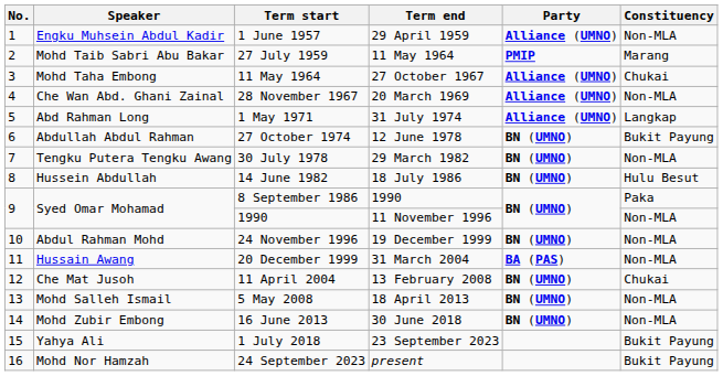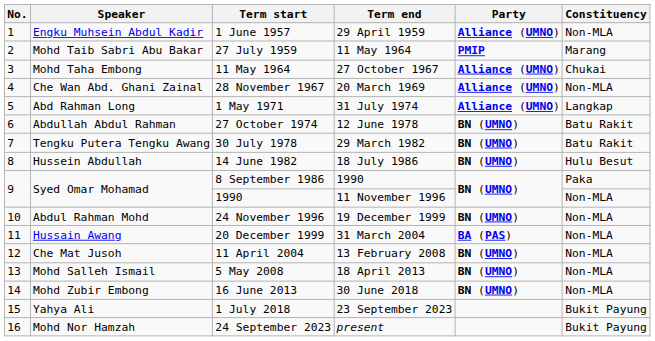 <table class=wikitable>
 <tr>
 <th>No.</th>
 <th>Speaker</th>
 <th>Term start</th>
 <th>Term end</th>
 <th>Party</th>
 <th>Constituency</th>
 </tr>
 <tr>
 <td>1</td>
 <td><a href='#'>Engku Muhsein Abdul Kadir</a></td>
 <td>1 June 1957</td>
 <td>29 April 1959</td>
 <td><strong><a href='#'>Alliance</a></strong> (<strong><a href='#'>UMNO</a></strong>)</td>
 <td>Non-MLA</td>
 </tr>
 <tr>
 <td>2</td>
 <td>Mohd Taib Sabri Abu Bakar</td>
 <td>27 July 1959</td>
 <td>11 May 1964</td>
 <td><strong><a href='#'>PMIP</a></strong></td>
 <td>Marang</td>
 </tr>
 <tr>
 <td>3</td>
 <td>Mohd Taha Embong</td>
 <td>11 May 1964</td>
 <td>27 October 1967</td>
 <td><strong><a href='#'>Alliance</a></strong> (<strong><a href='#'>UMNO</a></strong>)</td>
 <td>Chukai</td>
 </tr>
 <tr>
 <td>4</td>
 <td>Che Wan Abd. Ghani Zainal</td>
 <td>28 November 1967</td>
 <td>20 March 1969</td>
 <td><strong><a href='#'>Alliance</a></strong> (<strong><a href='#'>UMNO</a></strong>)</td>
 <td>Non-MLA</td>
 </tr>
 <tr>
 <td>5</td>
 <td>Abd Rahman Long</td>
 <td>1 May 1971</td>
 <td>31 July 1974</td>
 <td><strong><a href='#'>Alliance</a></strong> (<strong><a href='#'>UMNO</a></strong>)</td>
 <td>Langkap</td>
 </tr>
 <tr>
 <td>6</td>
 <td>Abdullah Abdul Rahman</td>
 <td>27 October 1974</td>
 <td>12 June 1978</td>
 <td><strong>BN</strong> (<strong><a href='#'>UMNO</a></strong>)</td>
-<td>Bukit Payung</td>
+<td>Batu Rakit</td>
 </tr>
 <tr>
 <td>7</td>
 <td>Tengku Putera Tengku Awang</td>
 <td>30 July 1978</td>
 <td>29 March 1982</td>
 <td><strong>BN</strong> (<strong><a href='#'>UMNO</a></strong>)</td>
-<td>Non-MLA</td>
+<td>Batu Rakit</td>
 </tr>
 <tr>
 <td>8</td>
 <td>Hussein Abdullah</td>
 <td>14 June 1982</td>
 <td>18 July 1986</td>
 <td><strong>BN</strong> (<strong><a href='#'>UMNO</a></strong>)</td>
 <td>Hulu Besut</td>
 </tr>
 <tr>
 <td rowspan=2>9</td>
 <td rowspan=2>Syed Omar Mohamad</td>
 <td>8 September 1986</td>
 <td>1990</td>
 <td rowspan=2><strong>BN</strong> (<strong><a href='#'>UMNO</a></strong>)</td>
 <td>Paka</td>
 </tr>
 <tr>
 <td>1990</td>
 <td>11 November 1996</td>
 <td>Non-MLA</td>
 </tr>
 <tr>
 <td>10</td>
 <td>Abdul Rahman Mohd</td>
 <td>24 November 1996</td>
 <td>19 December 1999</td>
 <td><strong>BN</strong> (<strong><a href='#'>UMNO</a></strong>)</td>
 <td>Non-MLA</td>
 </tr>
 <tr>
 <td>11</td>
 <td><a href='#'>Hussain Awang</a></td>
 <td>20 December 1999</td>
 <td>31 March 2004</td>
 <td><strong><a href='#'>BA</a></strong> (<strong><a href='#'>PAS</a></strong>)</td>
 <td>Non-MLA</td>
 </tr>
 <tr>
 <td>12</td>
 <td>Che Mat Jusoh</td>
 <td>11 April 2004</td>
 <td>13 February 2008</td>
 <td><strong>BN</strong> (<strong><a href='#'>UMNO</a></strong>)</td>
-<td>Chukai</td>
+<td>Non-MLA</td>
 </tr>
 <tr>
 <td>13</td>
 <td>Mohd Salleh Ismail</td>
 <td>5 May 2008</td>
 <td>18 April 2013</td>
 <td><strong>BN</strong> (<strong><a href='#'>UMNO</a></strong>)</td>
 <td>Non-MLA</td>
 </tr>
 <tr>
 <td>14</td>
 <td>Mohd Zubir Embong</td>
 <td>16 June 2013</td>
 <td>30 June 2018</td>
 <td><strong>BN</strong> (<strong><a href='#'>UMNO</a></strong>)</td>
 <td>Non-MLA</td>
 </tr>
 <tr>
 <td>15</td>
 <td>Yahya Ali</td>
 <td>1 July 2018</td>
 <td>23 September 2023</td>
 <td></td>
 <td>Bukit Payung</td>
 </tr>
 <tr>
 <td>16</td>
 <td>Mohd Nor Hamzah</td>
 <td>24 September 2023</td>
 <td><em>present</em></td>
 <td></td>
 <td>Bukit Payung</td>
 </tr>
 </table>
